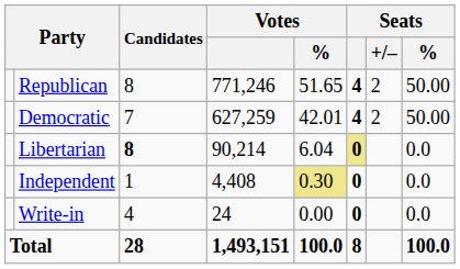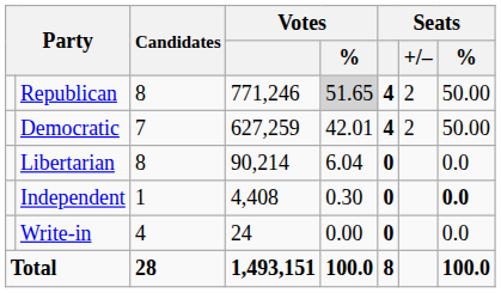 <table class="wikitable" style="font-size: 95%;">
 <tr>
 <th colspan="2" rowspan="2">Party</th>
 <th rowspan="2"><small>Candi</small><small>dates</small></th>
 <th colspan="2">Votes</th>
 <th colspan="3">Seats</th>
 </tr>
 <tr>
 <th></th>
 <th>%</th>
 <th></th>
 <th>+/–</th>
 <th>%</th>
 </tr>
 <tr>
 <td style="color:inherit;background:"></td>
 <td align="left"><a href='#'>Republican</a></td>
 <td>8</td>
 <td>771,246</td>
-<td>51.65</td>
+<td style="background: lightgrey;">51.65</td>
 <td><strong>4</strong></td>
 <td> 2</td>
 <td>50.00</td>
 </tr>
 <tr>
 <td style="color:inherit;background:"></td>
 <td align="left"><a href='#'>Democratic</a></td>
 <td>7</td>
 <td>627,259</td>
 <td>42.01</td>
 <td><strong>4</strong></td>
 <td> 2</td>
 <td>50.00</td>
 </tr>
 <tr>
 <td style="color:inherit;background:"></td>
 <td align="left"><a href='#'>Libertarian</a></td>
-<td><strong>8</strong></td>
+<td>8</td>
 <td>90,214</td>
 <td>6.04</td>
-<td style="background: khaki;"><strong>0</strong></td>
+<td><strong>0</strong></td>
 <td></td>
 <td>0.0</td>
 </tr>
 <tr>
 <td style="color:inherit;background:"></td>
 <td align="left"><a href='#'>Independent</a></td>
 <td>1</td>
 <td>4,408</td>
-<td style="background: khaki;">0.30</td>
+<td>0.30</td>
 <td><strong>0</strong></td>
 <td></td>
-<td>0.0</td>
+<td><strong>0.0</strong></td>
 </tr>
 <tr>
 <td style="color:inherit;background:"></td>
 <td align="left"><a href='#'>Write-in</a></td>
 <td>4</td>
 <td>24</td>
 <td>0.00</td>
 <td><strong>0</strong></td>
 <td></td>
 <td>0.0</td>
 </tr>
 <tr style="font-weight:bold">
 <td colspan="2" align="left">Total</td>
 <td>28</td>
 <td>1,493,151</td>
 <td>100.0</td>
 <td>8</td>
 <td></td>
 <td>100.0</td>
 </tr>
 </table>
